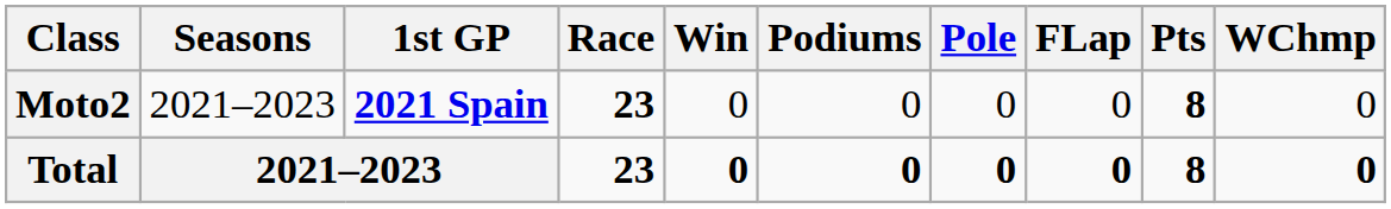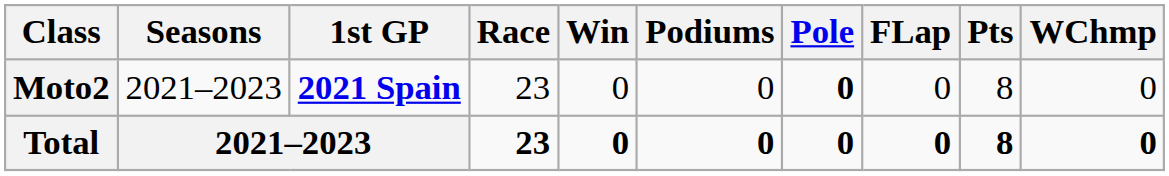 <table class="wikitable" style=text-align:right>
 <tr>
 <th>Class</th>
 <th>Seasons</th>
 <th>1st GP</th>
 <th>Race</th>
 <th>Win</th>
 <th>Podiums</th>
 <th><a href='#'>Pole</a></th>
 <th>FLap</th>
 <th>Pts</th>
 <th>WChmp</th>
 </tr>
 <tr>
 <th>Moto2</th>
 <td>2021–2023</td>
 <td align="left"><strong><a href='#'>2021 Spain</a></strong></td>
-<td><strong>23</strong></td>
+<td>23</td>
 <td>0</td>
 <td>0</td>
+<td><strong>0</strong></td>
 <td>0</td>
-<td>0</td>
-<td><strong>8</strong></td>
+<td>8</td>
 <td>0</td>
 </tr>
 <tr>
 <th>Total</th>
 <th colspan=2>2021–2023</th>
 <td><strong>23</strong></td>
 <td><strong>0</strong></td>
 <td><strong>0</strong></td>
 <td><strong>0</strong></td>
 <td><strong>0</strong></td>
 <td><strong>8</strong></td>
 <td><strong>0</strong></td>
 </tr>
 </table>
